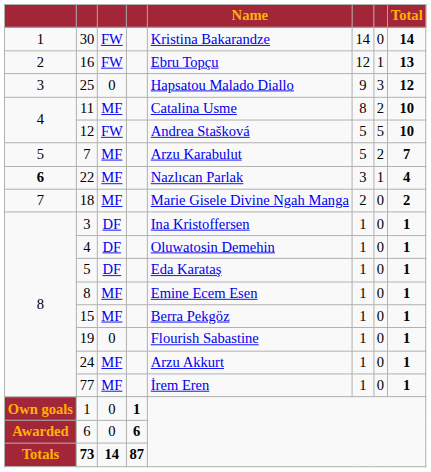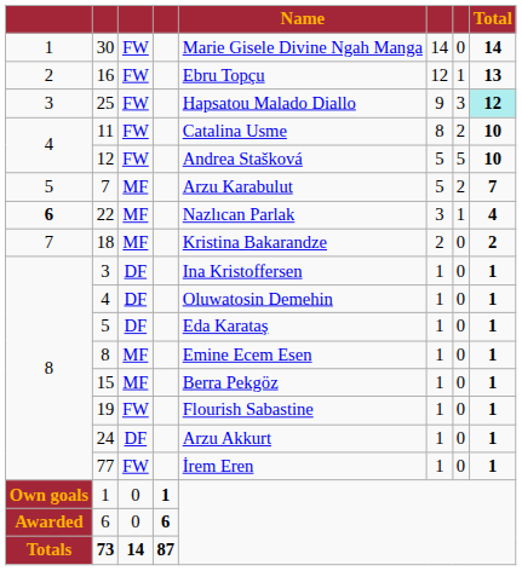 <table class="wikitable" style="text-align:center">
 <tr>
 <th style="background:#A32638; color:#FFB300; "></th>
 <th style="background:#A32638; color:#FFB300; "></th>
 <th style="background:#A32638; color:#FFB300; "></th>
 <th style="background:#A32638; color:#FFB300; "></th>
 <th style="background:#A32638; color:#FFB300; ">Name</th>
 <th style="background:#A32638; color:#FFB300; "></th>
 <th style="background:#A32638; color:#FFB300; "></th>
 <th style="background:#A32638; color:#FFB300; ">Total</th>
 </tr>
 <tr>
 <td rowspan="1">1</td>
 <td>30</td>
 <td><a href='#'>FW</a></td>
 <td></td>
-<td align=left><a href='#'>Kristina Bakarandze</a></td>
+<td align=left><a href='#'>Marie Gisele Divine Ngah Manga</a></td>
 <td>14</td>
 <td>0</td>
 <td><strong>14</strong></td>
 </tr>
 <tr>
 <td rowspan="1">2</td>
 <td>16</td>
 <td><a href='#'>FW</a></td>
 <td></td>
 <td align=left><a href='#'>Ebru Topçu</a></td>
 <td>12</td>
 <td>1</td>
 <td><strong>13</strong></td>
 </tr>
 <tr>
 <td rowspan="1">3</td>
 <td>25</td>
-<td>0</td>
+<td><a href='#'>FW</a></td>
 <td></td>
 <td align=left><a href='#'>Hapsatou Malado Diallo</a></td>
 <td>9</td>
 <td>3</td>
-<td><strong>12</strong></td>
+<td style="background: paleturquoise;"><strong>12</strong></td>
 </tr>
 <tr>
 <td rowspan="2">4</td>
 <td>11</td>
-<td><a href='#'>MF</a></td>
+<td><a href='#'>FW</a></td>
 <td></td>
 <td align=left><a href='#'>Catalina Usme</a></td>
 <td>8</td>
 <td>2</td>
 <td><strong>10</strong></td>
 </tr>
 <tr>
 <td>12</td>
 <td><a href='#'>FW</a></td>
 <td></td>
 <td align=left><a href='#'>Andrea Stašková</a></td>
 <td>5</td>
 <td>5</td>
 <td><strong>10</strong></td>
 </tr>
 <tr>
 <td rowspan="1">5</td>
 <td>7</td>
 <td><a href='#'>MF</a></td>
 <td></td>
 <td align=left><a href='#'>Arzu Karabulut</a></td>
 <td>5</td>
 <td>2</td>
 <td><strong>7</strong></td>
 </tr>
 <tr>
 <td rowspan="1"><strong>6</strong></td>
 <td>22</td>
 <td><a href='#'>MF</a></td>
 <td></td>
 <td align=left><a href='#'>Nazlıcan Parlak</a></td>
 <td>3</td>
 <td>1</td>
 <td><strong>4</strong></td>
 </tr>
 <tr>
 <td rowspan="1">7</td>
 <td>18</td>
 <td><a href='#'>MF</a></td>
 <td></td>
-<td align=left><a href='#'>Marie Gisele Divine Ngah Manga</a></td>
+<td align=left><a href='#'>Kristina Bakarandze</a></td>
 <td>2</td>
 <td>0</td>
 <td><strong>2</strong></td>
 </tr>
 <tr>
 <td rowspan="8">8</td>
 <td>3</td>
 <td><a href='#'>DF</a></td>
 <td></td>
 <td align=left><a href='#'>Ina Kristoffersen</a></td>
 <td>1</td>
 <td>0</td>
 <td><strong>1</strong></td>
 </tr>
 <tr>
 <td>4</td>
 <td><a href='#'>DF</a></td>
 <td></td>
 <td align=left><a href='#'>Oluwatosin Demehin</a></td>
 <td>1</td>
 <td>0</td>
 <td><strong>1</strong></td>
 </tr>
 <tr>
 <td>5</td>
 <td><a href='#'>DF</a></td>
 <td></td>
 <td align=left><a href='#'>Eda Karataş</a></td>
 <td>1</td>
 <td>0</td>
 <td><strong>1</strong></td>
 </tr>
 <tr>
 <td>8</td>
 <td><a href='#'>MF</a></td>
 <td></td>
 <td align=left><a href='#'>Emine Ecem Esen</a></td>
 <td>1</td>
 <td>0</td>
 <td><strong>1</strong></td>
 </tr>
 <tr>
 <td>15</td>
 <td><a href='#'>MF</a></td>
 <td></td>
 <td align=left><a href='#'>Berra Pekgöz</a></td>
 <td>1</td>
 <td>0</td>
 <td><strong>1</strong></td>
 </tr>
 <tr>
 <td>19</td>
-<td>0</td>
+<td><a href='#'>FW</a></td>
 <td></td>
 <td align=left><a href='#'>Flourish Sabastine</a></td>
 <td>1</td>
 <td>0</td>
 <td><strong>1</strong></td>
 </tr>
 <tr>
 <td>24</td>
-<td><a href='#'>MF</a></td>
+<td><a href='#'>DF</a></td>
 <td></td>
 <td align=left><a href='#'>Arzu Akkurt</a></td>
 <td>1</td>
 <td>0</td>
 <td><strong>1</strong></td>
 </tr>
 <tr>
 <td>77</td>
-<td><a href='#'>MF</a></td>
+<td><a href='#'>FW</a></td>
 <td></td>
 <td align=left><a href='#'>İrem Eren</a></td>
 <td>1</td>
 <td>0</td>
 <td><strong>1</strong></td>
 </tr>
 <tr>
 <td style="background:#A32638; color:#FFB300; "><strong>Own goals</strong></td>
 <td>1</td>
 <td>0</td>
 <td><strong>1</strong></td>
 </tr>
 <tr>
 <td style="background:#A32638; color:#FFB300; "><strong>Awarded</strong></td>
 <td>6</td>
 <td>0</td>
 <td><strong>6</strong></td>
 </tr>
 <tr>
 <td style="background:#A32638; color:#FFB300; "><strong>Totals</strong></td>
 <td><strong>73</strong></td>
 <td><strong>14</strong></td>
 <td><strong>87</strong></td>
 </tr>
 </table>
